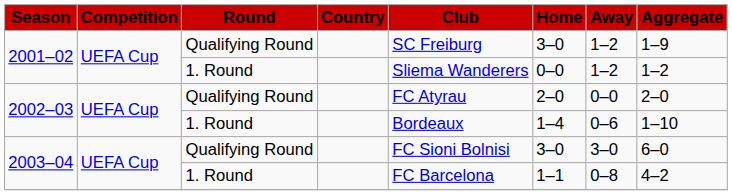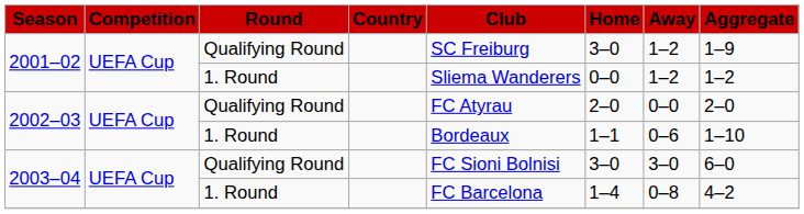 <table class="wikitable">
 <tr>
 <th style="color:black; background:#CC0000;">Season</th>
 <th style="color:black; background:#CC0000;">Competition</th>
 <th style="color:black; background:#CC0000;">Round</th>
 <th style="color:black; background:#CC0000;">Country</th>
 <th style="color:black; background:#CC0000;">Club</th>
 <th style="color:black; background:#CC0000;">Home</th>
 <th style="color:black; background:#CC0000;">Away</th>
 <th style="color:black; background:#CC0000;">Aggregate</th>
 </tr>
 <tr>
 <td rowspan="2"><a href='#'>2001–02</a></td>
 <td rowspan="2"><a href='#'>UEFA Cup</a></td>
 <td>Qualifying Round</td>
 <td></td>
 <td><a href='#'>SC Freiburg</a></td>
 <td>3–0</td>
 <td>1–2</td>
 <td>1–9</td>
 </tr>
 <tr>
 <td>1. Round</td>
 <td></td>
 <td><a href='#'>Sliema Wanderers</a></td>
 <td>0–0</td>
 <td>1–2</td>
 <td>1–2</td>
 </tr>
 <tr>
 <td rowspan="2"><a href='#'>2002–03</a></td>
 <td rowspan="2"><a href='#'>UEFA Cup</a></td>
 <td>Qualifying Round</td>
 <td></td>
 <td><a href='#'>FC Atyrau</a></td>
 <td>2–0</td>
 <td>0–0</td>
 <td>2–0</td>
 </tr>
 <tr>
 <td>1. Round</td>
 <td></td>
 <td><a href='#'>Bordeaux</a></td>
-<td>1–4</td>
+<td>1–1</td>
 <td>0–6</td>
 <td>1–10</td>
 </tr>
 <tr>
 <td rowspan="2"><a href='#'>2003–04</a></td>
 <td rowspan="2"><a href='#'>UEFA Cup</a></td>
 <td>Qualifying Round</td>
 <td></td>
 <td><a href='#'>FC Sioni Bolnisi</a></td>
 <td>3–0</td>
 <td>3–0</td>
 <td>6–0</td>
 </tr>
 <tr>
 <td>1. Round</td>
 <td></td>
 <td><a href='#'>FC Barcelona</a></td>
-<td>1–1</td>
+<td>1–4</td>
 <td>0–8</td>
 <td>4–2</td>
 </tr>
 <tr>
 </tr>
 </table>
